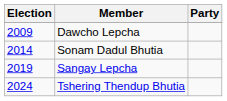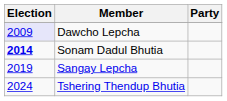 <table class="wikitable sortable">
 <tr>
 <th>Election</th>
 <th>Member</th>
 <th colspan=2>Party</th>
 </tr>
 <tr>
 </tr>
 <tr>
-<td><a href='#'>2009</a></td>
+<td style="background: lavender;"><a href='#'>2009</a></td>
 <td>Dawcho Lepcha</td>
 <td></td>
 </tr>
 <tr>
-<td><a href='#'>2014</a></td>
+<td><strong><a href='#'>2014</a></strong></td>
 <td>Sonam Dadul Bhutia</td>
 </tr>
 <tr>
 <td><a href='#'>2019</a></td>
 <td><a href='#'>Sangay Lepcha</a></td>
 <td></td>
 </tr>
 <tr>
 <td><a href='#'>2024</a></td>
 <td><a href='#'>Tshering Thendup Bhutia</a></td>
 </tr>
 </table>
